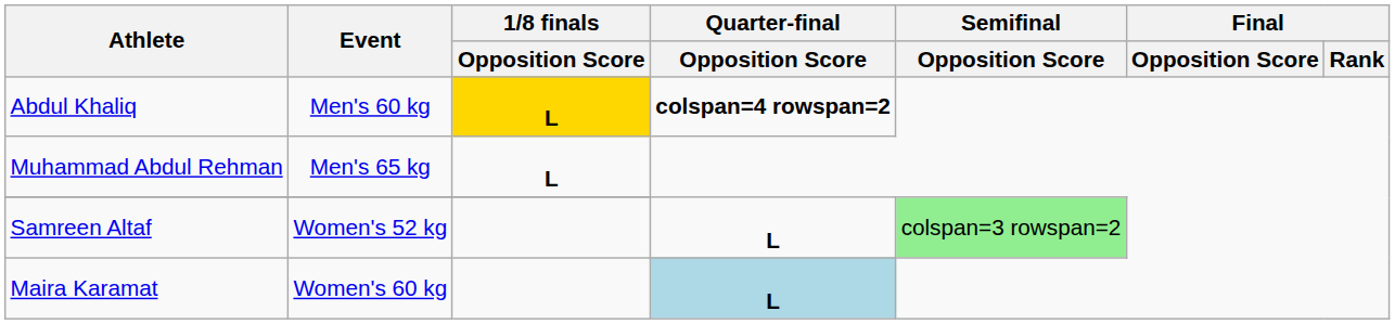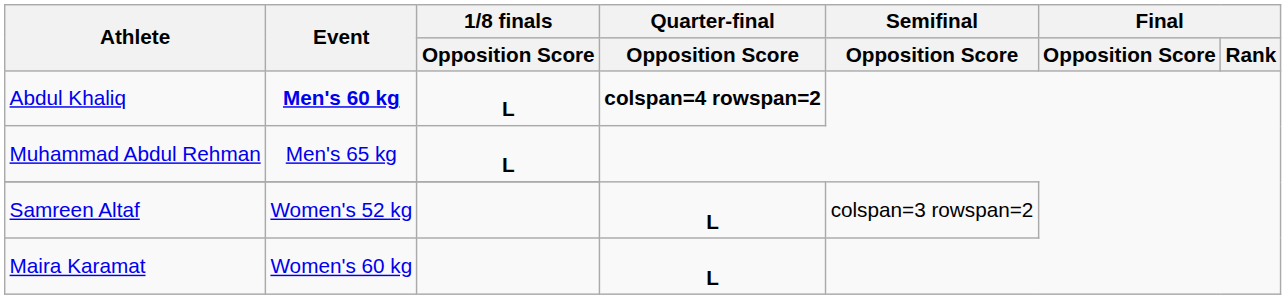 <table class=wikitable style="text-align:center; font-size:90%">
 <tr>
 <th rowspan="2">Athlete</th>
 <th rowspan="2">Event</th>
 <th>1/8 finals</th>
 <th>Quarter-final</th>
 <th>Semifinal</th>
 <th colspan="2">Final</th>
 </tr>
 <tr>
 <th>Opposition Score</th>
 <th>Opposition Score</th>
 <th>Opposition Score</th>
 <th>Opposition Score</th>
 <th>Rank</th>
 </tr>
 <tr>
 <td style="text-align:left"><a href='#'>Abdul Khaliq</a></td>
-<td><a href='#'>Men's 60 kg</a></td>
-<td style="background: gold;"><br><strong>L</strong> </td>
+<td><strong><a href='#'>Men's 60 kg</a></strong></td>
+<td><br><strong>L</strong> </td>
 <td><strong>colspan=4 rowspan=2</strong></td>
 </tr>
 <tr>
 <td style="text-align:left"><a href='#'>Muhammad Abdul Rehman</a></td>
 <td><a href='#'>Men's 65 kg</a></td>
 <td><br><strong>L</strong> </td>
 </tr>
 <tr>
 </tr>
 <tr>
 <td style="text-align:left"><a href='#'>Samreen Altaf</a></td>
 <td><a href='#'>Women's 52 kg</a></td>
 <td></td>
 <td><br><strong>L</strong> </td>
-<td style="background: lightgreen;">colspan=3 rowspan=2 </td>
+<td>colspan=3 rowspan=2 </td>
 </tr>
 <tr>
 <td style="text-align:left"><a href='#'>Maira Karamat</a></td>
 <td><a href='#'>Women's 60 kg</a></td>
 <td></td>
-<td style="background: lightblue;"><br><strong>L</strong> </td>
+<td><br><strong>L</strong> </td>
 </tr>
 </table>
